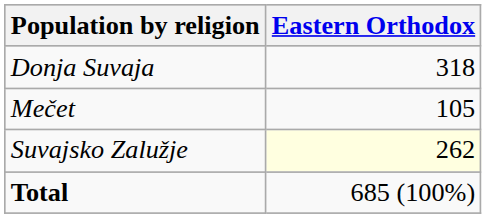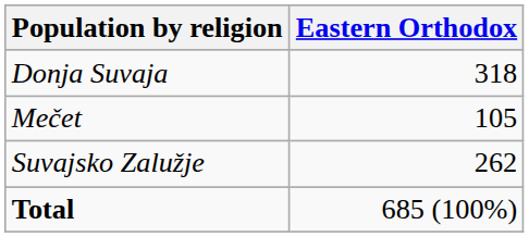 <table class="wikitable sortable">
 <tr>
 <th>Population by religion</th>
 <th><a href='#'>Eastern Orthodox</a></th>
 </tr>
 <tr>
 <td><em>Donja Suvaja</em></td>
 <td align="right">318</td>
 </tr>
 <tr>
 <td><em>Mečet</em></td>
 <td align="right">105</td>
 </tr>
 <tr>
 <td><em>Suvajsko Zalužje</em></td>
-<td align="right" style="background: lightyellow;">262</td>
+<td align="right">262</td>
 </tr>
 <tr>
 <td><strong>Total</strong></td>
 <td align="right">685 (100%)</td>
 </tr>
 </table>
